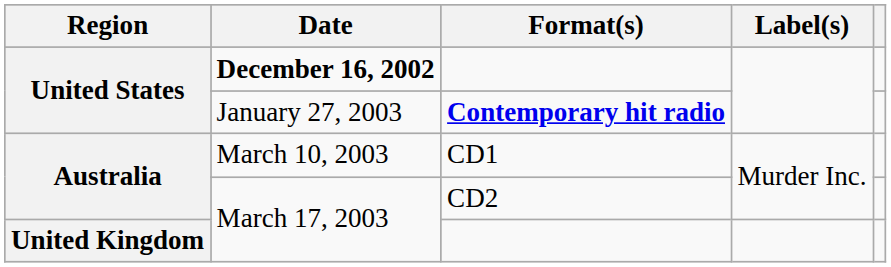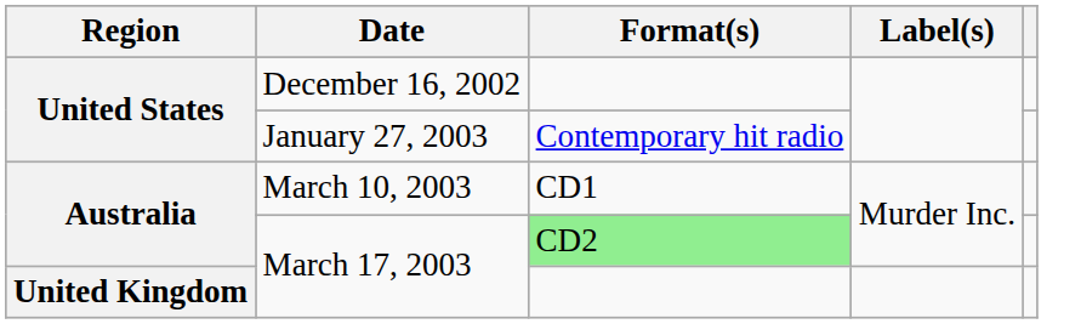 <table class="wikitable plainrowheaders">
 <tr>
 <th scope="col">Region</th>
 <th scope="col">Date</th>
 <th scope="col">Format(s)</th>
 <th scope="col">Label(s)</th>
 <th scope="col"></th>
 </tr>
 <tr>
 <th scope="row" rowspan="2">United States</th>
-<td><strong>December 16, 2002</strong></td>
+<td>December 16, 2002</td>
 <td></td>
 <td rowspan="2"></td>
 <td align="center"></td>
 </tr>
 <tr>
 <td>January 27, 2003</td>
-<td><strong><a href='#'>Contemporary hit radio</a></strong></td>
+<td><a href='#'>Contemporary hit radio</a></td>
 <td align="center"></td>
 </tr>
 <tr>
 <th scope="row" rowspan="2">Australia</th>
 <td>March 10, 2003</td>
 <td>CD1</td>
 <td rowspan="2">Murder Inc.</td>
 <td align="center"></td>
 </tr>
 <tr>
 <td rowspan="2">March 17, 2003</td>
-<td>CD2</td>
+<td style="background: lightgreen;">CD2</td>
 <td align="center"></td>
 </tr>
 <tr>
 <th scope="row">United Kingdom</th>
 <td></td>
 <td></td>
 <td align="center"></td>
 </tr>
 </table>
